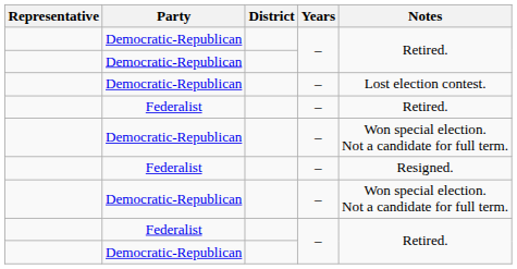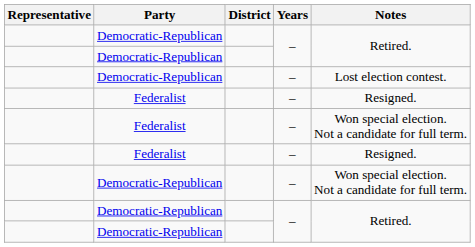 <table class="wikitable sortable" style="text-align:center">
 <tr valign=bottom>
 <th>Representative</th>
 <th>Party</th>
 <th>District</th>
 <th>Years</th>
 <th>Notes</th>
 </tr>
 <tr>
 <td align=left></td>
 <td><a href='#'>Democratic-Republican</a></td>
 <td></td>
 <td rowspan="2" nowrap=""> –<br></td>
 <td rowspan="2">Retired.</td>
 </tr>
 <tr>
 <td align=left></td>
 <td><a href='#'>Democratic-Republican</a></td>
 <td></td>
 </tr>
 <tr>
 <td align=left></td>
 <td><a href='#'>Democratic-Republican</a></td>
 <td></td>
 <td nowrap> –<br></td>
 <td>Lost election contest.</td>
 </tr>
 <tr>
 <td align=left></td>
 <td><a href='#'>Federalist</a></td>
 <td></td>
 <td nowrap> –<br></td>
-<td>Retired.</td>
+<td>Resigned.</td>
 </tr>
 <tr>
 <td align=left></td>
-<td><a href='#'>Democratic-Republican</a></td>
+<td><a href='#'>Federalist</a></td>
 <td></td>
 <td nowrap> –<br></td>
 <td>Won special election.<br>Not a candidate for full term.</td>
 </tr>
 <tr>
 <td align=left></td>
 <td><a href='#'>Federalist</a></td>
 <td></td>
 <td nowrap> –<br></td>
 <td>Resigned.</td>
 </tr>
 <tr>
 <td align=left></td>
 <td><a href='#'>Democratic-Republican</a></td>
 <td></td>
 <td nowrap> –<br></td>
 <td>Won special election.<br>Not a candidate for full term.</td>
 </tr>
 <tr>
 <td align=left></td>
-<td><a href='#'>Federalist</a></td>
+<td><a href='#'>Democratic-Republican</a></td>
 <td></td>
 <td rowspan="2" nowrap=""> –<br></td>
 <td rowspan="2">Retired.</td>
 </tr>
 <tr>
 <td align=left></td>
 <td><a href='#'>Democratic-Republican</a></td>
 <td></td>
 </tr>
 </table>
